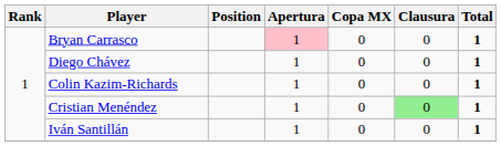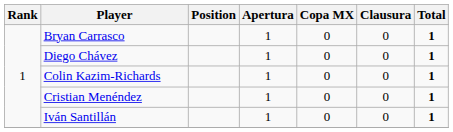 <table class="wikitable">
 <tr>
 <th>Rank</th>
 <th style="width:175px;">Player</th>
 <th>Position</th>
 <th>Apertura</th>
 <th>Copa MX</th>
 <th>Clausura</th>
 <th>Total</th>
 </tr>
 <tr>
 <td align=center rowspan=5>1</td>
 <td> <a href='#'>Bryan Carrasco</a></td>
 <td align=center></td>
-<td align=center style="background: pink;">1</td>
+<td align=center>1</td>
 <td align=center>0</td>
 <td align=center>0</td>
 <td align=center><strong>1</strong></td>
 </tr>
 <tr>
 <td> <a href='#'>Diego Chávez</a></td>
 <td align=center></td>
 <td align=center>1</td>
 <td align=center>0</td>
 <td align=center>0</td>
 <td align=center><strong>1</strong></td>
 </tr>
 <tr>
 <td> <a href='#'>Colin Kazim-Richards</a></td>
 <td align=center></td>
 <td align=center>1</td>
 <td align=center>0</td>
 <td align=center>0</td>
 <td align=center><strong>1</strong></td>
 </tr>
 <tr>
 <td> <a href='#'>Cristian Menéndez</a></td>
 <td align=center></td>
 <td align=center>1</td>
 <td align=center>0</td>
-<td align=center style="background: lightgreen;">0</td>
+<td align=center>0</td>
 <td align=center><strong>1</strong></td>
 </tr>
 <tr>
 <td> <a href='#'>Iván Santillán</a></td>
 <td align=center></td>
 <td align=center>1</td>
 <td align=center>0</td>
 <td align=center>0</td>
 <td align=center><strong>1</strong></td>
 </tr>
 <tr>
 </tr>
 </table>
